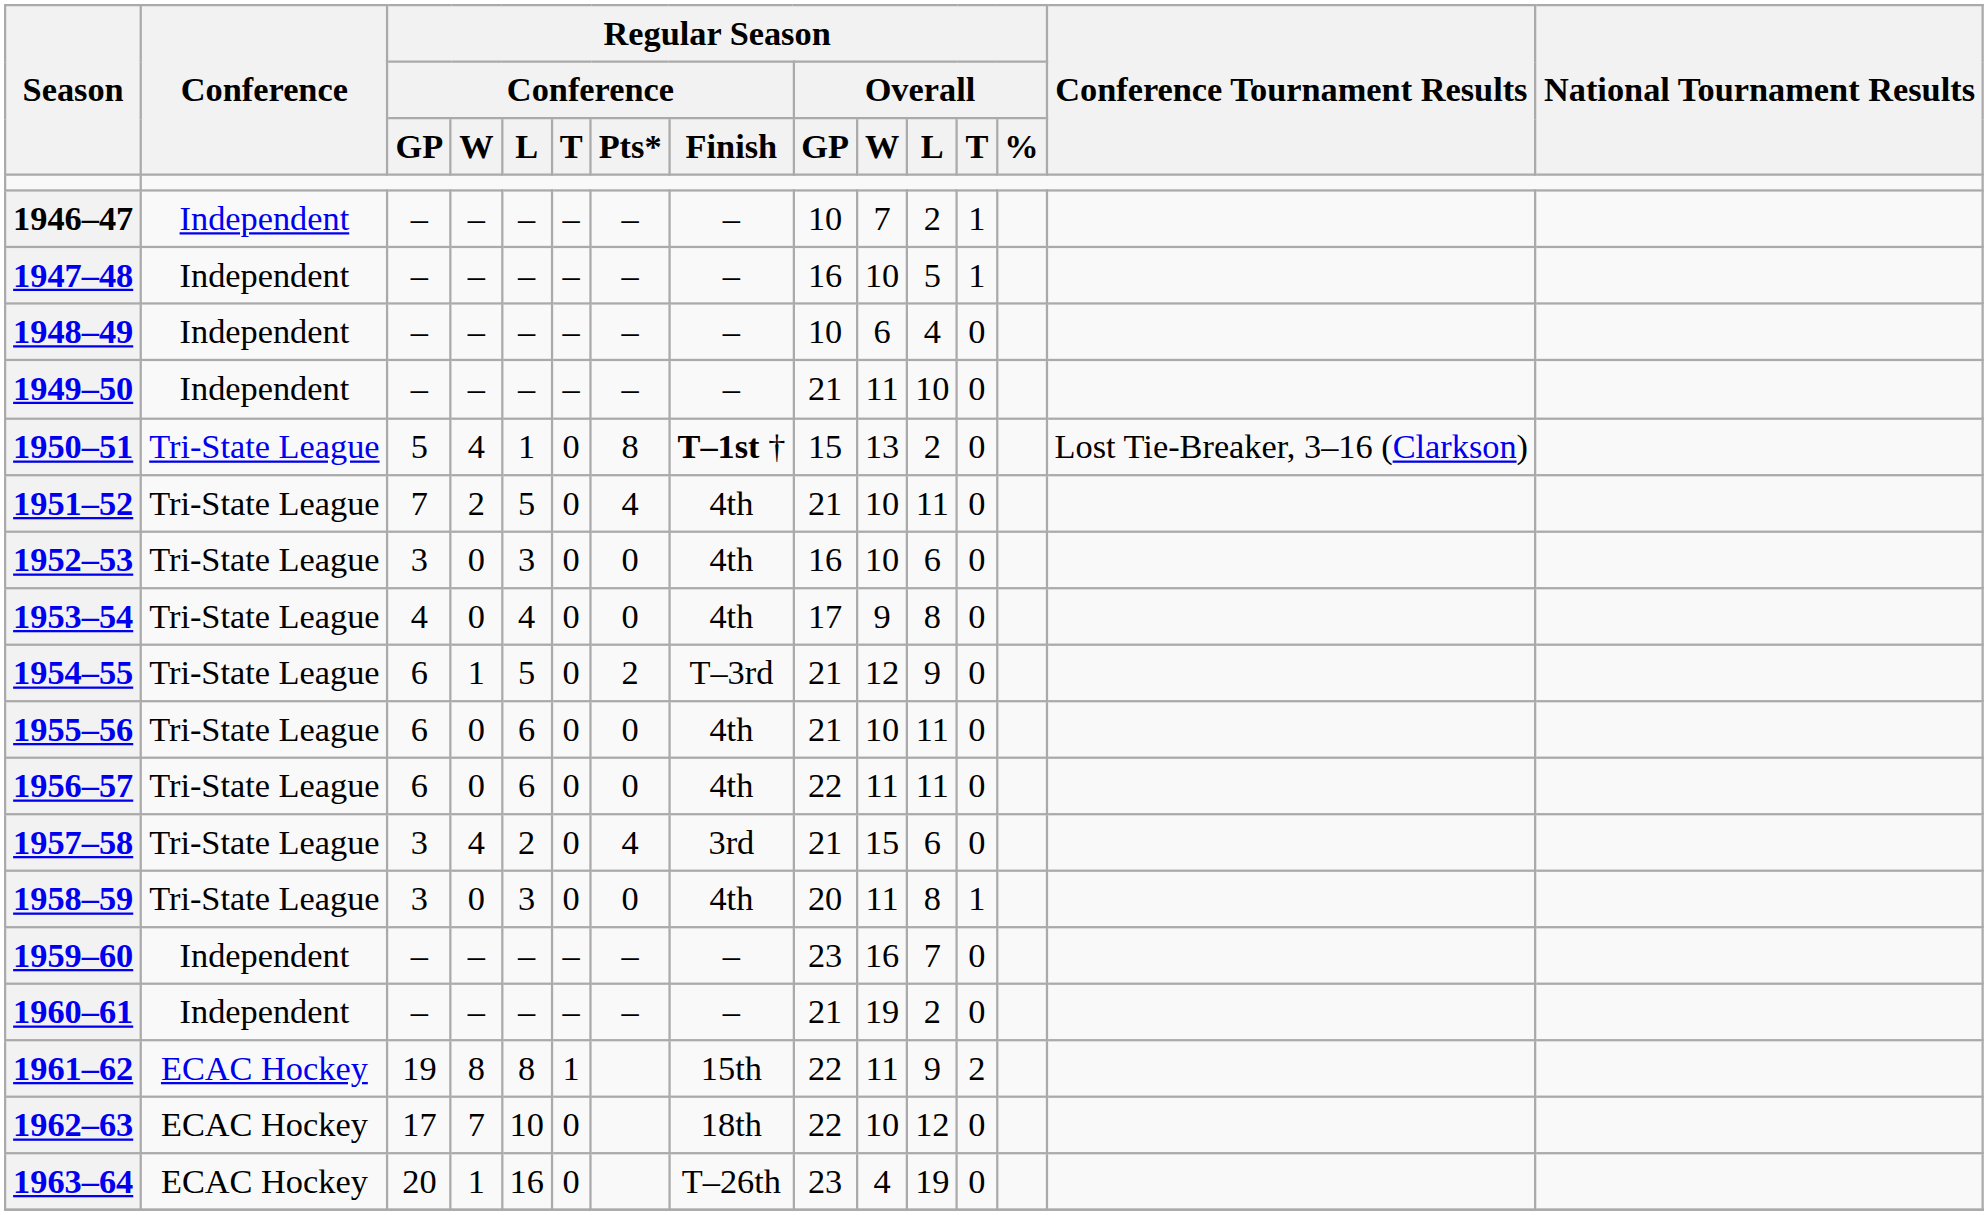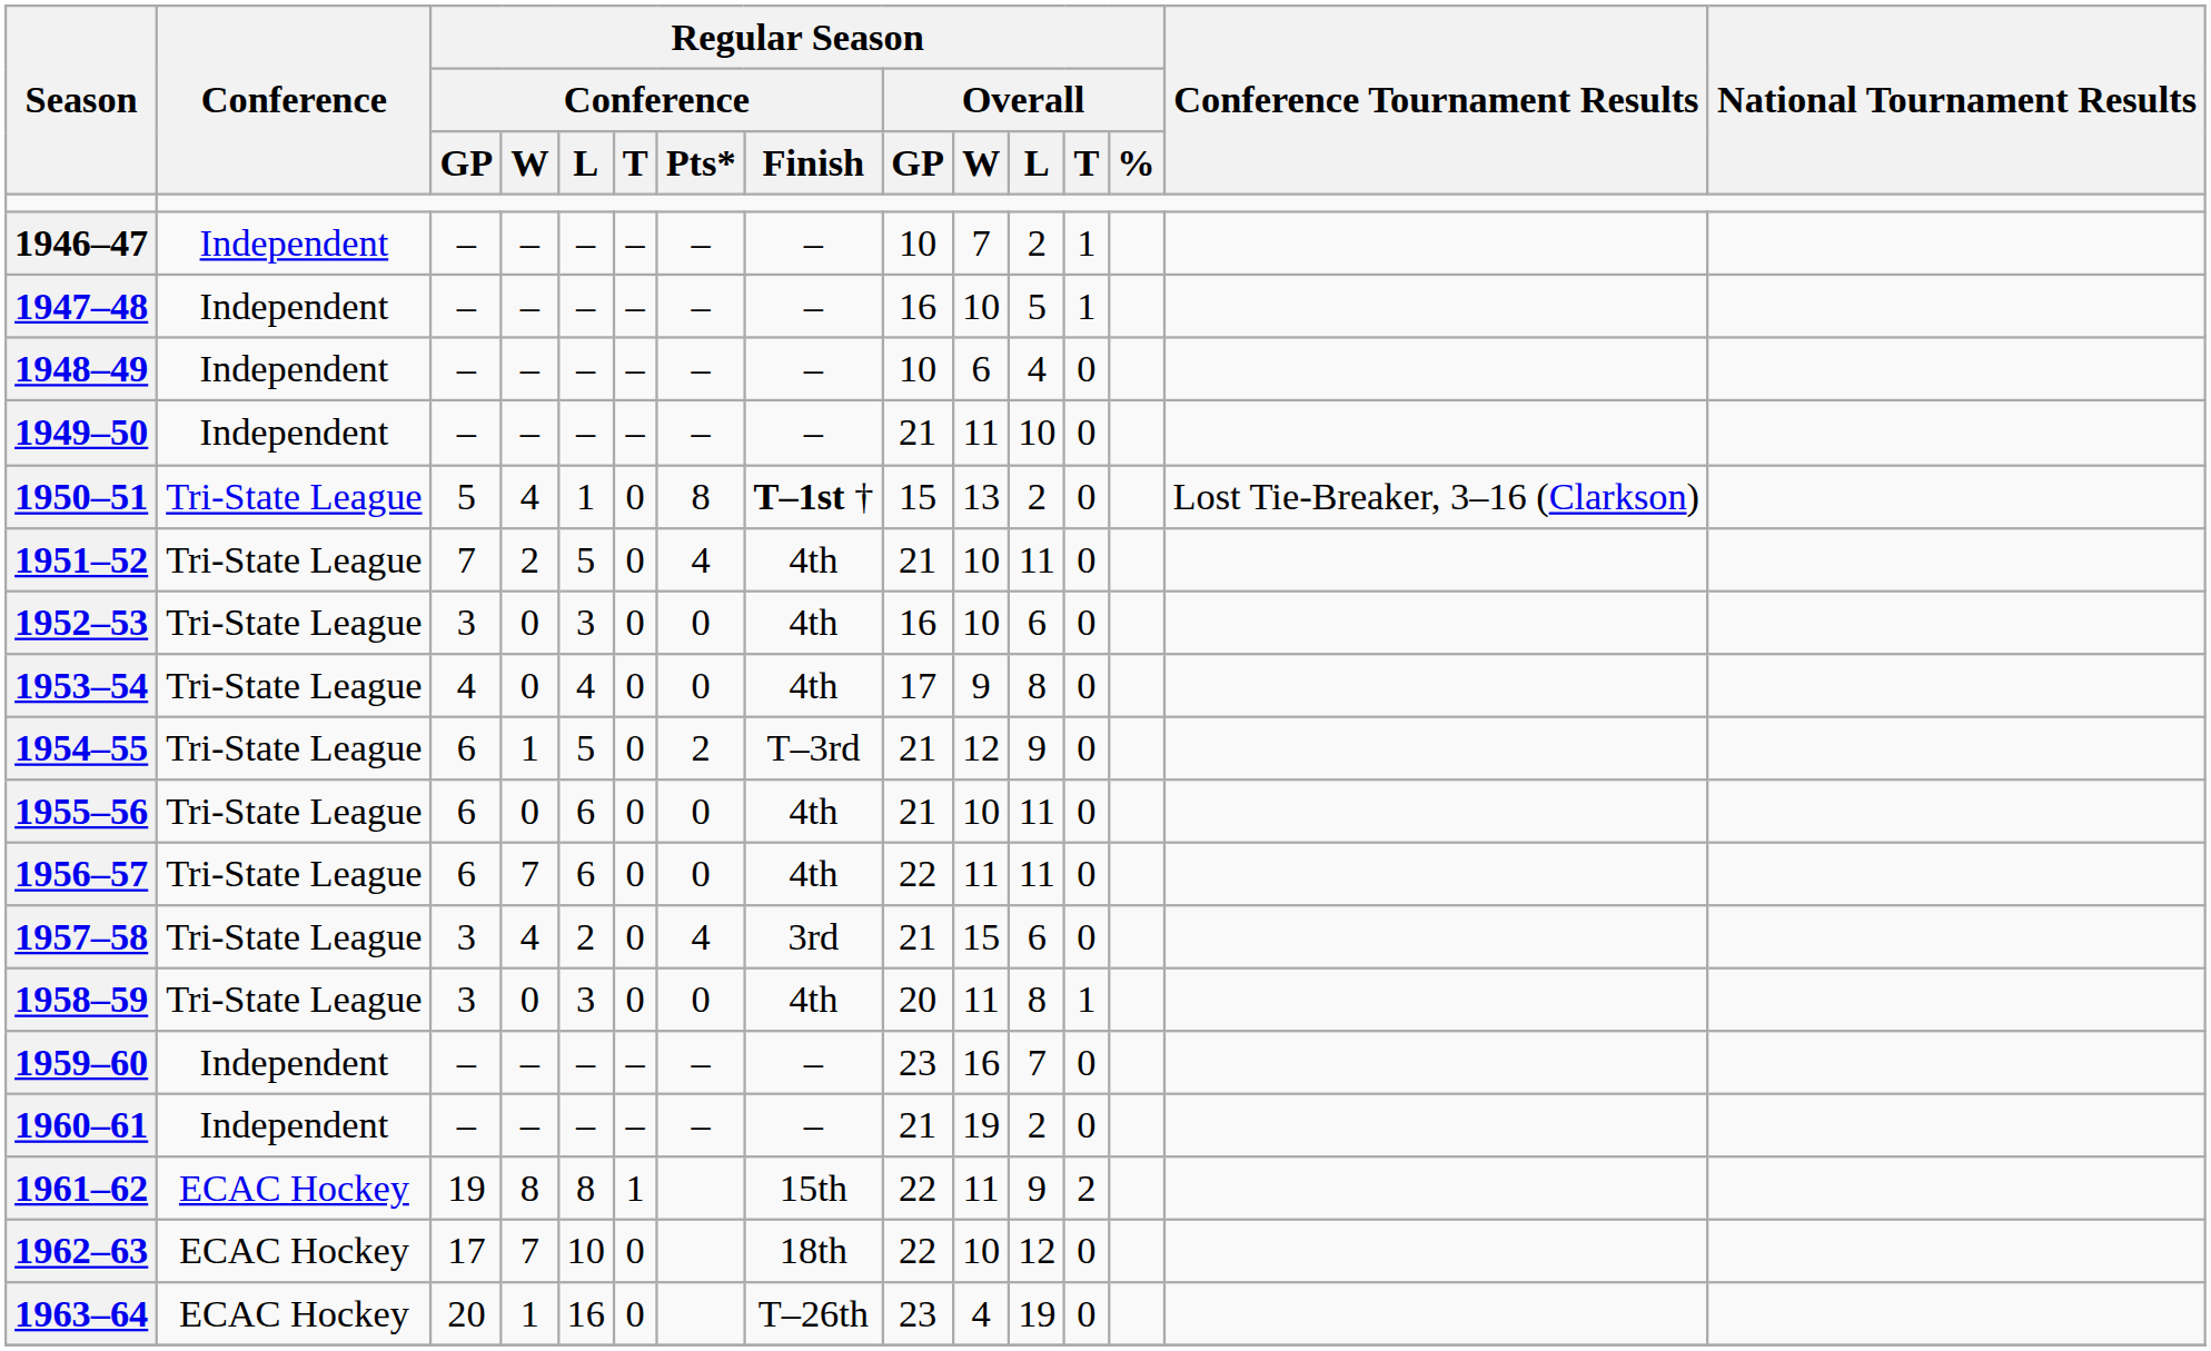 <table class="wikitable" style="text-align: center; font-size: 95%">
 <tr>
 <th rowspan="3">Season</th>
 <th rowspan="3">Conference</th>
 <th colspan="11">Regular Season</th>
 <th rowspan="3">Conference Tournament Results</th>
 <th rowspan="3">National Tournament Results</th>
 </tr>
 <tr>
 <th colspan="6">Conference</th>
 <th colspan="5">Overall</th>
 </tr>
 <tr>
 <th>GP</th>
 <th>W</th>
 <th>L</th>
 <th>T</th>
 <th>Pts*</th>
 <th>Finish</th>
 <th>GP</th>
 <th>W</th>
 <th>L</th>
 <th>T</th>
 <th>%</th>
 </tr>
 <tr>
 <td><a href='#'></a> </td>
 </tr>
 <tr>
 <th>1946–47</th>
 <td><a href='#'>Independent</a></td>
 <td>–</td>
 <td>–</td>
 <td>–</td>
 <td>–</td>
 <td>–</td>
 <td>–</td>
 <td>10</td>
 <td>7</td>
 <td>2</td>
 <td>1</td>
 <td></td>
 <td align="left"></td>
 <td align="left"></td>
 </tr>
 <tr>
 <th><a href='#'>1947–48</a></th>
 <td>Independent</td>
 <td>–</td>
 <td>–</td>
 <td>–</td>
 <td>–</td>
 <td>–</td>
 <td>–</td>
 <td>16</td>
 <td>10</td>
 <td>5</td>
 <td>1</td>
 <td></td>
 <td align="left"></td>
 <td align="left"></td>
 </tr>
 <tr>
 <th><a href='#'>1948–49</a></th>
 <td>Independent</td>
 <td>–</td>
 <td>–</td>
 <td>–</td>
 <td>–</td>
 <td>–</td>
 <td>–</td>
 <td>10</td>
 <td>6</td>
 <td>4</td>
 <td>0</td>
 <td></td>
 <td align="left"></td>
 <td align="left"></td>
 </tr>
 <tr>
 <th><a href='#'>1949–50</a></th>
 <td>Independent</td>
 <td>–</td>
 <td>–</td>
 <td>–</td>
 <td>–</td>
 <td>–</td>
 <td>–</td>
 <td>21</td>
 <td>11</td>
 <td>10</td>
 <td>0</td>
 <td></td>
 <td align="left"></td>
 <td align="left"></td>
 </tr>
 <tr>
 <th><a href='#'>1950–51</a></th>
 <td><a href='#'>Tri-State League</a></td>
 <td>5</td>
 <td>4</td>
 <td>1</td>
 <td>0</td>
 <td>8</td>
 <td><strong>T–1st</strong> †</td>
 <td>15</td>
 <td>13</td>
 <td>2</td>
 <td>0</td>
 <td></td>
 <td align="left">Lost Tie-Breaker, 3–16 (<a href='#'>Clarkson</a>)</td>
 <td align="left"></td>
 </tr>
 <tr>
 <th><a href='#'>1951–52</a></th>
 <td>Tri-State League</td>
 <td>7</td>
 <td>2</td>
 <td>5</td>
 <td>0</td>
 <td>4</td>
 <td>4th</td>
 <td>21</td>
 <td>10</td>
 <td>11</td>
 <td>0</td>
 <td></td>
 <td align="left"></td>
 <td align="left"></td>
 </tr>
 <tr>
 <th><a href='#'>1952–53</a></th>
 <td>Tri-State League</td>
 <td>3</td>
 <td>0</td>
 <td>3</td>
 <td>0</td>
 <td>0</td>
 <td>4th</td>
 <td>16</td>
 <td>10</td>
 <td>6</td>
 <td>0</td>
 <td></td>
 <td align="left"></td>
 <td align="left"></td>
 </tr>
 <tr>
 <th><a href='#'>1953–54</a></th>
 <td>Tri-State League</td>
 <td>4</td>
 <td>0</td>
 <td>4</td>
 <td>0</td>
 <td>0</td>
 <td>4th</td>
 <td>17</td>
 <td>9</td>
 <td>8</td>
 <td>0</td>
 <td></td>
 <td align="left"></td>
 <td align="left"></td>
 </tr>
 <tr>
 <th><a href='#'>1954–55</a></th>
 <td>Tri-State League</td>
 <td>6</td>
 <td>1</td>
 <td>5</td>
 <td>0</td>
 <td>2</td>
 <td>T–3rd</td>
 <td>21</td>
 <td>12</td>
 <td>9</td>
 <td>0</td>
 <td></td>
 <td align="left"></td>
 <td align="left"></td>
 </tr>
 <tr>
 <th><a href='#'>1955–56</a></th>
 <td>Tri-State League</td>
 <td>6</td>
 <td>0</td>
 <td>6</td>
 <td>0</td>
 <td>0</td>
 <td>4th</td>
 <td>21</td>
 <td>10</td>
 <td>11</td>
 <td>0</td>
 <td></td>
 <td align="left"></td>
 <td align="left"></td>
 </tr>
 <tr>
 <th><a href='#'>1956–57</a></th>
 <td>Tri-State League</td>
 <td>6</td>
-<td>0</td>
+<td>7</td>
 <td>6</td>
 <td>0</td>
 <td>0</td>
 <td>4th</td>
 <td>22</td>
 <td>11</td>
 <td>11</td>
 <td>0</td>
 <td></td>
 <td align="left"></td>
 <td align="left"></td>
 </tr>
 <tr>
 <th><a href='#'>1957–58</a></th>
 <td>Tri-State League</td>
 <td>3</td>
 <td>4</td>
 <td>2</td>
 <td>0</td>
 <td>4</td>
 <td>3rd</td>
 <td>21</td>
 <td>15</td>
 <td>6</td>
 <td>0</td>
 <td></td>
 <td align="left"></td>
 <td align="left"></td>
 </tr>
 <tr>
 <th><a href='#'>1958–59</a></th>
 <td>Tri-State League</td>
 <td>3</td>
 <td>0</td>
 <td>3</td>
 <td>0</td>
 <td>0</td>
 <td>4th</td>
 <td>20</td>
 <td>11</td>
 <td>8</td>
 <td>1</td>
 <td></td>
 <td align="left"></td>
 <td align="left"></td>
 </tr>
 <tr>
 <th><a href='#'>1959–60</a></th>
 <td>Independent</td>
 <td>–</td>
 <td>–</td>
 <td>–</td>
 <td>–</td>
 <td>–</td>
 <td>–</td>
 <td>23</td>
 <td>16</td>
 <td>7</td>
 <td>0</td>
 <td></td>
 <td align="left"></td>
 <td align="left"></td>
 </tr>
 <tr>
 <th><a href='#'>1960–61</a></th>
 <td>Independent</td>
 <td>–</td>
 <td>–</td>
 <td>–</td>
 <td>–</td>
 <td>–</td>
 <td>–</td>
 <td>21</td>
 <td>19</td>
 <td>2</td>
 <td>0</td>
 <td></td>
 <td align="left"></td>
 <td align="left"></td>
 </tr>
 <tr>
 <th><a href='#'>1961–62</a></th>
 <td><a href='#'>ECAC Hockey</a></td>
 <td>19</td>
 <td>8</td>
 <td>8</td>
 <td>1</td>
 <td></td>
 <td>15th</td>
 <td>22</td>
 <td>11</td>
 <td>9</td>
 <td>2</td>
 <td></td>
 <td align="left"></td>
 <td align="left"></td>
 </tr>
 <tr>
 <th><a href='#'>1962–63</a></th>
 <td>ECAC Hockey</td>
 <td>17</td>
 <td>7</td>
 <td>10</td>
 <td>0</td>
 <td></td>
 <td>18th</td>
 <td>22</td>
 <td>10</td>
 <td>12</td>
 <td>0</td>
 <td></td>
 <td align="left"></td>
 <td align="left"></td>
 </tr>
 <tr>
 <th><a href='#'>1963–64</a></th>
 <td>ECAC Hockey</td>
 <td>20</td>
 <td>1</td>
 <td>16</td>
 <td>0</td>
 <td></td>
 <td>T–26th</td>
 <td>23</td>
 <td>4</td>
 <td>19</td>
 <td>0</td>
 <td></td>
 <td align="left"></td>
 <td align="left"></td>
 </tr>
 <tr>
 </tr>
 </table>
